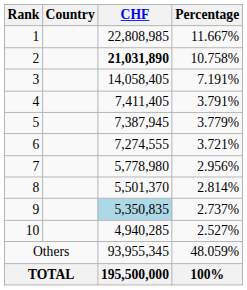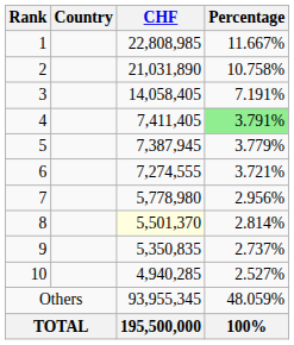 <table class="wikitable" style="text-align:right;">
 <tr>
 <th>Rank</th>
 <th>Country</th>
 <th><a href='#'>CHF</a></th>
 <th>Percentage</th>
 </tr>
 <tr>
 <td>1</td>
 <td style="text-align:left"></td>
 <td>22,808,985</td>
 <td>11.667%</td>
 </tr>
 <tr>
 <td>2</td>
 <td style="text-align:left"></td>
-<td><strong>21,031,890</strong></td>
+<td>21,031,890</td>
 <td>10.758%</td>
 </tr>
 <tr>
 <td>3</td>
 <td style="text-align:left"></td>
 <td>14,058,405</td>
 <td>7.191%</td>
 </tr>
 <tr>
 <td>4</td>
 <td style="text-align:left"></td>
 <td>7,411,405</td>
-<td>3.791%</td>
+<td style="background: lightgreen;">3.791%</td>
 </tr>
 <tr>
 <td>5</td>
 <td style="text-align:left"></td>
 <td>7,387,945</td>
 <td>3.779%</td>
 </tr>
 <tr>
 <td>6</td>
 <td style="text-align:left"></td>
 <td>7,274,555</td>
 <td>3.721%</td>
 </tr>
 <tr>
 <td>7</td>
 <td style="text-align:left"></td>
 <td>5,778,980</td>
 <td>2.956%</td>
 </tr>
 <tr>
 <td>8</td>
 <td style="text-align:left"></td>
-<td>5,501,370</td>
+<td style="background: lightyellow;">5,501,370</td>
 <td>2.814%</td>
 </tr>
 <tr>
 <td>9</td>
 <td style="text-align:left"></td>
-<td style="background: lightblue;">5,350,835</td>
+<td>5,350,835</td>
 <td>2.737%</td>
 </tr>
 <tr>
 <td>10</td>
 <td style="text-align:left"></td>
 <td>4,940,285</td>
 <td>2.527%</td>
 </tr>
 <tr>
 <td colspan=2 style="text-align:center">Others</td>
 <td>93,955,345</td>
 <td>48.059%</td>
 </tr>
 <tr>
 <th colspan=2 style="text-align:center">TOTAL</th>
 <th>195,500,000</th>
 <th>100%</th>
 </tr>
 </table>
